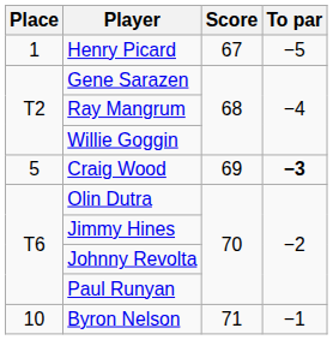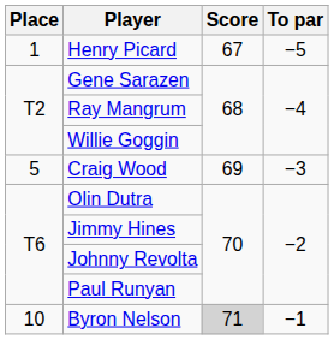 <table class="wikitable">
 <tr>
 <th>Place</th>
 <th>Player</th>
 <th>Score</th>
 <th>To par</th>
 </tr>
 <tr>
 <td align="center">1</td>
 <td> <a href='#'>Henry Picard</a></td>
 <td align=center>67</td>
 <td align="center">−5</td>
 </tr>
 <tr>
 <td rowspan=3 align="center">T2</td>
 <td> <a href='#'>Gene Sarazen</a></td>
 <td rowspan=3 align=center>68</td>
 <td rowspan=3 align="center">−4</td>
 </tr>
 <tr>
 <td> <a href='#'>Ray Mangrum</a></td>
 </tr>
 <tr>
 <td> <a href='#'>Willie Goggin</a></td>
 </tr>
 <tr>
 <td align=center>5</td>
 <td> <a href='#'>Craig Wood</a></td>
 <td align=center>69</td>
-<td align=center><strong>−3</strong></td>
+<td align=center>−3</td>
 </tr>
 <tr>
 <td rowspan=4 align="center">T6</td>
 <td> <a href='#'>Olin Dutra</a></td>
 <td rowspan=4 align=center>70</td>
 <td rowspan=4 align="center">−2</td>
 </tr>
 <tr>
 <td> <a href='#'>Jimmy Hines</a></td>
 </tr>
 <tr>
 <td> <a href='#'>Johnny Revolta</a></td>
 </tr>
 <tr>
 <td> <a href='#'>Paul Runyan</a></td>
 </tr>
 <tr>
 <td align="center">10</td>
 <td> <a href='#'>Byron Nelson</a></td>
-<td align=center>71</td>
+<td align=center style="background: lightgrey;">71</td>
 <td align="center">−1</td>
 </tr>
 </table>
